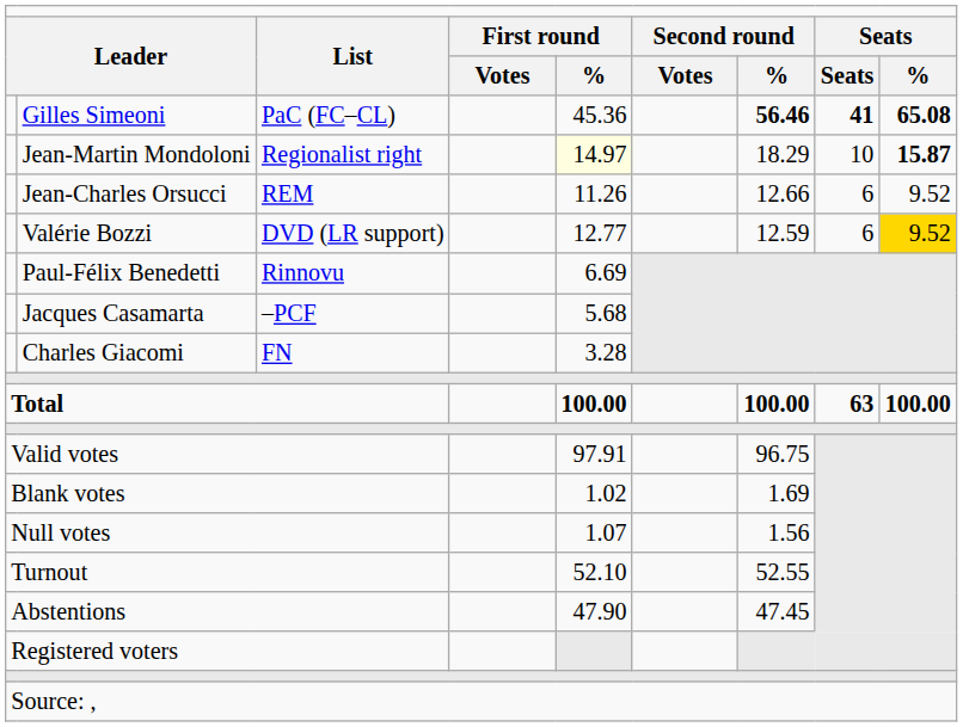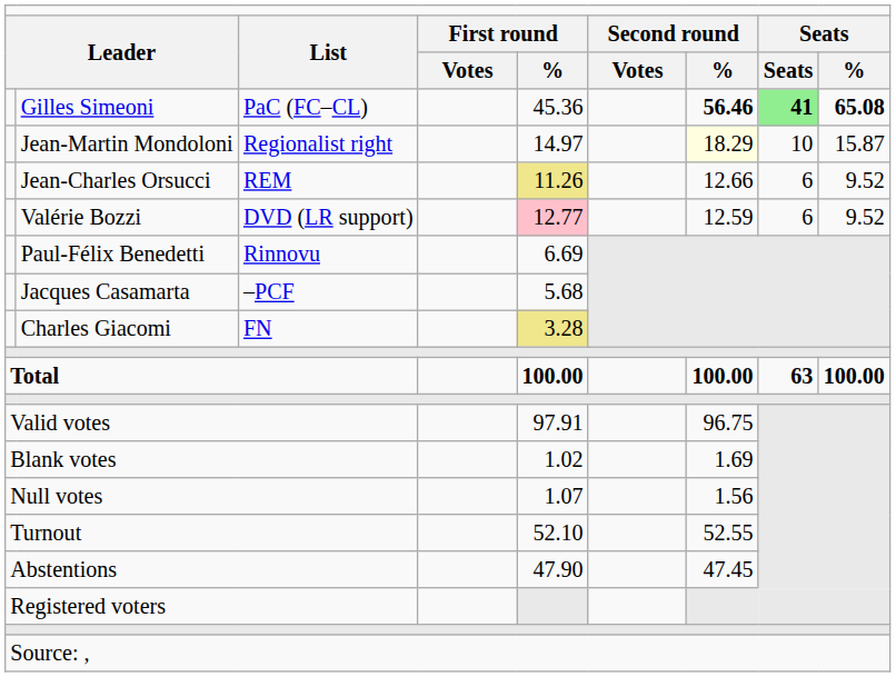 <table class="wikitable" style="text-align:right;font-size:95%;">
 <tr>
 <td colspan="9"></td>
 </tr>
 <tr>
 <th colspan="2" rowspan="2">Leader</th>
 <th rowspan="2">List</th>
 <th colspan="2">First round</th>
 <th colspan="2">Second round</th>
 <th colspan="2">Seats</th>
 </tr>
 <tr style="text-align:center;">
 <th width="60px">Votes</th>
 <th width="30px">%</th>
 <th width="60px">Votes</th>
 <th width="30px">%</th>
 <th width="30px">Seats</th>
 <th width="30px">%</th>
 </tr>
 <tr>
 <td style="background:"></td>
 <td style="text-align:left;"><a href='#'>Gilles Simeoni</a></td>
 <td style="text-align:left;"><a href='#'>PaC</a> (<a href='#'>FC</a>–<a href='#'>CL</a>)</td>
 <td></td>
 <td>45.36</td>
 <td><strong></strong></td>
 <td><strong>56.46</strong></td>
-<td><strong>41</strong></td>
+<td style="background: lightgreen;"><strong>41</strong></td>
 <td><strong>65.08</strong></td>
 </tr>
 <tr>
 <td style="background:"></td>
 <td style="text-align:left;">Jean-Martin Mondoloni</td>
 <td style="text-align:left;"><a href='#'>Regionalist right</a></td>
 <td></td>
-<td style="background: lightyellow;">14.97</td>
+<td>14.97</td>
 <td></td>
-<td>18.29</td>
+<td style="background: lightyellow;">18.29</td>
 <td>10</td>
-<td><strong>15.87</strong></td>
+<td>15.87</td>
 </tr>
 <tr>
 <td style="background:"></td>
 <td style="text-align:left;">Jean-Charles Orsucci</td>
 <td style="text-align:left;"><a href='#'>REM</a></td>
 <td></td>
-<td>11.26</td>
+<td style="background: khaki;">11.26</td>
 <td></td>
 <td>12.66</td>
 <td>6</td>
 <td>9.52</td>
 </tr>
 <tr>
 <td style="background:"></td>
 <td style="text-align:left;">Valérie Bozzi</td>
 <td style="text-align:left;"><a href='#'>DVD</a> (<a href='#'>LR</a> support)</td>
 <td></td>
-<td>12.77</td>
+<td style="background: pink;">12.77</td>
 <td></td>
 <td>12.59</td>
 <td>6</td>
-<td style="background: gold;">9.52</td>
+<td>9.52</td>
 </tr>
 <tr>
 <td style="background:"></td>
 <td style="text-align:left;">Paul-Félix Benedetti</td>
 <td style="text-align:left;"><a href='#'>Rinnovu</a></td>
 <td></td>
 <td>6.69</td>
 <td style="background-color:#E9E9E9;" colspan="4" rowspan="3"></td>
 </tr>
 <tr>
 <td style="background:"></td>
 <td style="text-align:left;">Jacques Casamarta</td>
 <td style="text-align:left;">–<a href='#'>PCF</a></td>
 <td></td>
 <td>5.68</td>
 </tr>
 <tr>
 <td style="background:"></td>
 <td style="text-align:left;">Charles Giacomi</td>
 <td style="text-align:left;"><a href='#'>FN</a></td>
 <td></td>
-<td>3.28</td>
+<td style="background: khaki;">3.28</td>
 </tr>
 <tr>
 <td style="background-color:#E9E9E9;" colspan="9"></td>
 </tr>
 <tr style="font-weight:bold;">
 <td style="text-align:left;" colspan="3">Total</td>
 <td></td>
 <td>100.00</td>
 <td></td>
 <td>100.00</td>
 <td>63</td>
 <td>100.00</td>
 </tr>
 <tr>
 <td style="background-color:#E9E9E9;" colspan="9"></td>
 </tr>
 <tr>
 <td style="text-align:left;" colspan="3">Valid votes</td>
 <td></td>
 <td>97.91</td>
 <td></td>
 <td>96.75</td>
 <td style="background-color:#E9E9E9;" colspan="2" rowspan="5"></td>
 </tr>
 <tr>
 <td style="text-align:left;" colspan="3">Blank votes</td>
 <td></td>
 <td>1.02</td>
 <td></td>
 <td>1.69</td>
 </tr>
 <tr>
 <td style="text-align:left;" colspan="3">Null votes</td>
 <td></td>
 <td>1.07</td>
 <td></td>
 <td>1.56</td>
 </tr>
 <tr>
 <td style="text-align:left;" colspan="3">Turnout</td>
 <td></td>
 <td>52.10</td>
 <td></td>
 <td>52.55</td>
 </tr>
 <tr>
 <td style="text-align:left;" colspan="3">Abstentions</td>
 <td></td>
 <td>47.90</td>
 <td></td>
 <td>47.45</td>
 </tr>
 <tr>
 <td style="text-align:left;" colspan="3">Registered voters</td>
 <td></td>
 <td style="background-color:#E9E9E9;"></td>
 <td></td>
 <td style="background-color:#E9E9E9;border-right-style:hidden;"></td>
 <td style="background-color:#E9E9E9;border-top-style:hidden;" colspan="2"></td>
 </tr>
 <tr>
 <td style="background-color:#E9E9E9;" colspan="9"></td>
 </tr>
 <tr>
 <td style="text-align:left;" colspan="9">Source: , </td>
 </tr>
 </table>
